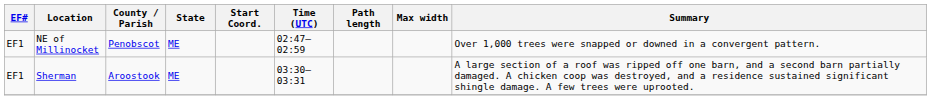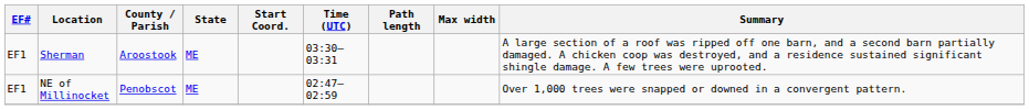 <table class="wikitable sortable" style="width:100%;">
 <tr>
 <th scope="col"  style="width:3%; text-align:center;"><a href='#'>EF#</a></th>
 <th scope="col"  style="width:7%; text-align:center;" class="unsortable">Location</th>
 <th scope="col"  style="width:6%; text-align:center;" class="unsortable">County / Parish</th>
 <th scope="col"  style="width:5%; text-align:center;">State</th>
 <th scope="col"  style="width:6%; text-align:center;">Start Coord.</th>
 <th scope="col"  style="width:6%; text-align:center;">Time (<a href='#'>UTC</a>)</th>
 <th scope="col"  style="width:6%; text-align:center;">Path length</th>
 <th scope="col"  style="width:6%; text-align:center;">Max width</th>
 <th scope="col" class="unsortable" style="width:48%; text-align:center;">Summary</th>
 </tr>
 <tr>
 <td>EF1</td>
+<td><a href='#'>Sherman</a></td>
+<td><a href='#'>Aroostook</a></td>
+<td><a href='#'>ME</a></td>
+<td></td>
+<td>03:30–03:31</td>
+<td></td>
+<td></td>
+<td>A large section of a roof was ripped off one barn, and a second barn partially damaged. A chicken coop was destroyed, and a residence sustained significant shingle damage. A few trees were uprooted.</td>
+</tr>
+<tr>
+<td>EF1</td>
 <td>NE of <a href='#'>Millinocket</a></td>
 <td><a href='#'>Penobscot</a></td>
 <td><a href='#'>ME</a></td>
 <td></td>
 <td>02:47–02:59</td>
 <td></td>
 <td></td>
 <td>Over 1,000 trees were snapped or downed in a convergent pattern.</td>
 </tr>
 <tr>
-<td>EF1</td>
-<td><a href='#'>Sherman</a></td>
-<td><a href='#'>Aroostook</a></td>
-<td><a href='#'>ME</a></td>
-<td></td>
-<td>03:30–03:31</td>
-<td></td>
-<td></td>
-<td>A large section of a roof was ripped off one barn, and a second barn partially damaged. A chicken coop was destroyed, and a residence sustained significant shingle damage. A few trees were uprooted.</td>
-</tr>
-<tr>
 </tr>
 </table>
